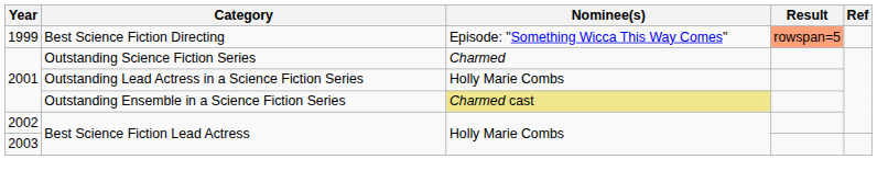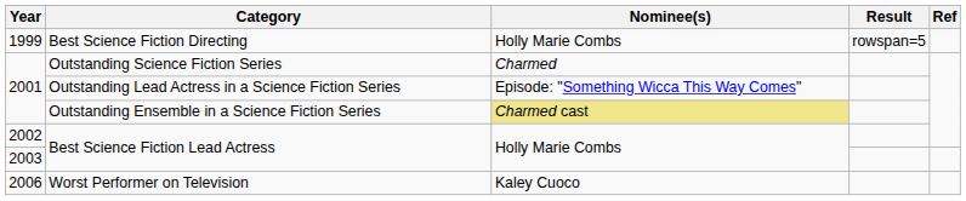 <table class="wikitable">
 <tr>
 <th>Year</th>
 <th width=470>Category</th>
 <th width=375>Nominee(s)</th>
 <th width=65>Result</th>
 <th>Ref</th>
 </tr>
 <tr>
 <td>1999</td>
 <td>Best Science Fiction Directing</td>
-<td>Episode: "<a href='#'>Something Wicca This Way Comes</a>"</td>
-<td style="background: lightsalmon;">rowspan=5 </td>
+<td>Holly Marie Combs</td>
+<td>rowspan=5 </td>
 <td></td>
 </tr>
 <tr>
 <td rowspan=3>2001</td>
 <td>Outstanding Science Fiction Series</td>
 <td><em>Charmed</em></td>
 <td></td>
 </tr>
 <tr>
 <td>Outstanding Lead Actress in a Science Fiction Series</td>
-<td>Holly Marie Combs</td>
+<td>Episode: "<a href='#'>Something Wicca This Way Comes</a>"</td>
 <td></td>
 </tr>
 <tr>
 <td>Outstanding Ensemble in a Science Fiction Series</td>
 <td style="background: khaki;"><em>Charmed</em> cast</td>
 <td></td>
 </tr>
 <tr>
 <td>2002</td>
 <td rowspan=2>Best Science Fiction Lead Actress</td>
 <td rowspan=2>Holly Marie Combs</td>
 <td></td>
 </tr>
 <tr>
 <td>2003</td>
 <td></td>
 <td></td>
 </tr>
+<tr>
+<td>2006</td>
+<td>Worst Performer on Television</td>
+<td>Kaley Cuoco</td>
+<td></td>
+<td></td>
+</tr>
 </table>
